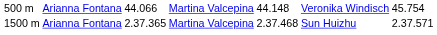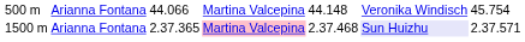 <table>
 <tr>
 <td>500 m</td>
 <td><a href='#'>Arianna Fontana</a><br></td>
 <td>44.066</td>
 <td><a href='#'>Martina Valcepina</a><br></td>
 <td>44.148</td>
 <td><a href='#'>Veronika Windisch</a><br></td>
 <td>45.754</td>
 </tr>
 <tr>
 <td>1500 m</td>
 <td><a href='#'>Arianna Fontana</a><br></td>
 <td>2.37.365</td>
-<td><a href='#'>Martina Valcepina</a><br></td>
+<td style="background: pink;"><a href='#'>Martina Valcepina</a><br></td>
 <td>2.37.468</td>
-<td><a href='#'>Sun Huizhu</a><br></td>
+<td style="background: lavender;"><a href='#'>Sun Huizhu</a><br></td>
 <td>2.37.571</td>
 </tr>
 </table>
